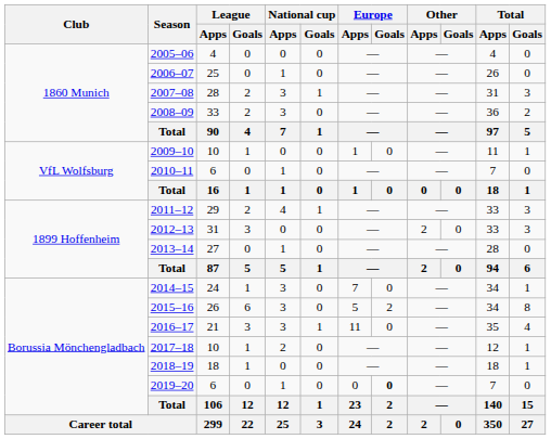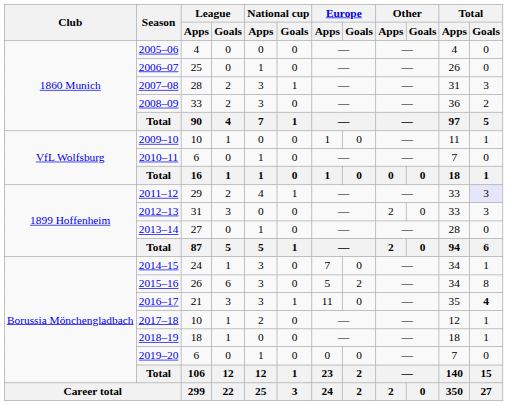 <table class="wikitable" style="text-align:center">
 <tr>
 <th rowspan="2">Club</th>
 <th rowspan="2">Season</th>
 <th colspan="2">League</th>
 <th colspan="2">National cup</th>
 <th colspan="2"><a href='#'>Europe</a></th>
 <th colspan="2">Other</th>
 <th colspan="4">Total</th>
 </tr>
 <tr>
 <th>Apps</th>
 <th>Goals</th>
 <th>Apps</th>
 <th>Goals</th>
 <th>Apps</th>
 <th>Goals</th>
 <th>Apps</th>
 <th>Goals</th>
 <th>Apps</th>
 <th>Goals</th>
 </tr>
 <tr>
 <td rowspan="5"><a href='#'>1860 Munich</a></td>
 <td><a href='#'>2005–06</a></td>
 <td>4</td>
 <td>0</td>
 <td>0</td>
 <td>0</td>
 <td colspan="2">—</td>
 <td colspan="2">—</td>
 <td>4</td>
 <td>0</td>
 </tr>
 <tr>
 <td><a href='#'>2006–07</a></td>
 <td>25</td>
 <td>0</td>
 <td>1</td>
 <td>0</td>
 <td colspan="2">—</td>
 <td colspan="2">—</td>
 <td>26</td>
 <td>0</td>
 </tr>
 <tr>
 <td><a href='#'>2007–08</a></td>
 <td>28</td>
 <td>2</td>
 <td>3</td>
 <td>1</td>
 <td colspan="2">—</td>
 <td colspan="2">—</td>
 <td>31</td>
 <td>3</td>
 </tr>
 <tr>
 <td><a href='#'>2008–09</a></td>
 <td>33</td>
 <td>2</td>
 <td>3</td>
 <td>0</td>
 <td colspan="2">—</td>
 <td colspan="2">—</td>
 <td>36</td>
 <td>2</td>
 </tr>
 <tr>
 <th colspan="1">Total</th>
 <th>90</th>
 <th>4</th>
 <th>7</th>
 <th>1</th>
 <th colspan="2">—</th>
 <th colspan="2">—</th>
 <th>97</th>
 <th>5</th>
 </tr>
 <tr>
 <td rowspan="3"><a href='#'>VfL Wolfsburg</a></td>
 <td><a href='#'>2009–10</a></td>
 <td>10</td>
 <td>1</td>
 <td>0</td>
 <td>0</td>
 <td>1</td>
 <td>0</td>
 <td colspan="2">—</td>
 <td>11</td>
 <td>1</td>
 </tr>
 <tr>
 <td><a href='#'>2010–11</a></td>
 <td>6</td>
 <td>0</td>
 <td>1</td>
 <td>0</td>
 <td colspan="2">—</td>
 <td colspan="2">—</td>
 <td>7</td>
 <td>0</td>
 </tr>
 <tr>
 <th colspan="1">Total</th>
 <th>16</th>
 <th>1</th>
 <th>1</th>
 <th>0</th>
 <th>1</th>
 <th>0</th>
 <th>0</th>
 <th>0</th>
 <th>18</th>
 <th>1</th>
 </tr>
 <tr>
 <td rowspan="4"><a href='#'>1899 Hoffenheim</a></td>
 <td><a href='#'>2011–12</a></td>
 <td>29</td>
 <td>2</td>
 <td>4</td>
 <td>1</td>
 <td colspan="2">—</td>
 <td colspan="2">—</td>
 <td>33</td>
-<td>3</td>
+<td style="background: lavender;">3</td>
 </tr>
 <tr>
 <td><a href='#'>2012–13</a></td>
 <td>31</td>
 <td>3</td>
 <td>0</td>
 <td>0</td>
 <td colspan="2">—</td>
 <td>2</td>
 <td>0</td>
 <td>33</td>
 <td>3</td>
 </tr>
 <tr>
 <td><a href='#'>2013–14</a></td>
 <td>27</td>
 <td>0</td>
 <td>1</td>
 <td>0</td>
 <td colspan="2">—</td>
 <td colspan="2">—</td>
 <td>28</td>
 <td>0</td>
 </tr>
 <tr>
 <th colspan="1">Total</th>
 <th>87</th>
 <th>5</th>
 <th>5</th>
 <th>1</th>
 <th colspan="2">—</th>
 <th>2</th>
 <th>0</th>
 <th>94</th>
 <th>6</th>
 </tr>
 <tr>
 <td rowspan="7"><a href='#'>Borussia Mönchengladbach</a></td>
 <td><a href='#'>2014–15</a></td>
 <td>24</td>
 <td>1</td>
 <td>3</td>
 <td>0</td>
 <td>7</td>
 <td>0</td>
 <td colspan="2">—</td>
 <td>34</td>
 <td>1</td>
 </tr>
 <tr>
 <td><a href='#'>2015–16</a></td>
 <td>26</td>
 <td>6</td>
 <td>3</td>
 <td>0</td>
 <td>5</td>
 <td>2</td>
 <td colspan="2">—</td>
 <td>34</td>
 <td>8</td>
 </tr>
 <tr>
 <td><a href='#'>2016–17</a></td>
 <td>21</td>
 <td>3</td>
 <td>3</td>
 <td>1</td>
 <td>11</td>
 <td>0</td>
 <td colspan="2">—</td>
 <td>35</td>
-<td>4</td>
+<td><strong>4</strong></td>
 </tr>
 <tr>
 <td><a href='#'>2017–18</a></td>
 <td>10</td>
 <td>1</td>
 <td>2</td>
 <td>0</td>
 <td colspan="2">—</td>
 <td colspan="2">—</td>
 <td>12</td>
 <td>1</td>
 </tr>
 <tr>
 <td><a href='#'>2018–19</a></td>
 <td>18</td>
 <td>1</td>
 <td>0</td>
 <td>0</td>
 <td colspan="2">—</td>
 <td colspan="2">—</td>
 <td>18</td>
 <td>1</td>
 </tr>
 <tr>
 <td><a href='#'>2019–20</a></td>
 <td>6</td>
 <td>0</td>
 <td>1</td>
 <td>0</td>
 <td>0</td>
-<td><strong>0</strong></td>
+<td>0</td>
 <td colspan="2">—</td>
 <td>7</td>
 <td>0</td>
 </tr>
 <tr>
 <th colspan="1">Total</th>
 <th>106</th>
 <th>12</th>
 <th>12</th>
 <th>1</th>
 <th>23</th>
 <th>2</th>
 <th colspan="2">—</th>
 <th>140</th>
 <th>15</th>
 </tr>
 <tr>
 <th colspan="2">Career total</th>
 <th>299</th>
 <th>22</th>
 <th>25</th>
 <th>3</th>
 <th>24</th>
 <th>2</th>
 <th>2</th>
 <th>0</th>
 <th>350</th>
 <th>27</th>
 </tr>
 </table>
